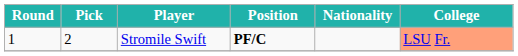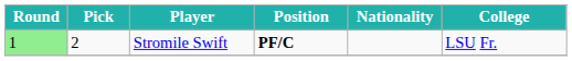 <table class="wikitable sortable sortable">
 <tr>
 <th style="background:#20B2AA; color:#FFFFFF" width="10%">Round</th>
 <th style="background:#20B2AA; color:#FFFFFF" width="10%">Pick</th>
 <th style="background:#20B2AA; color:#FFFFFF" width="20%">Player</th>
 <th style="background:#20B2AA; color:#FFFFFF" width="15%">Position</th>
 <th style="background:#20B2AA; color:#FFFFFF" width="15%">Nationality</th>
 <th style="background:#20B2AA; color:#FFFFFF" width="20%">College</th>
 </tr>
 <tr>
-<td>1</td>
+<td style="background: lightgreen;">1</td>
 <td>2</td>
 <td><a href='#'>Stromile Swift</a></td>
 <td><strong>PF/C</strong></td>
 <td></td>
-<td style="background: lightsalmon;"><a href='#'>LSU</a> <a href='#'>Fr.</a></td>
+<td><a href='#'>LSU</a> <a href='#'>Fr.</a></td>
 </tr>
 <tr>
 </tr>
 </table>
